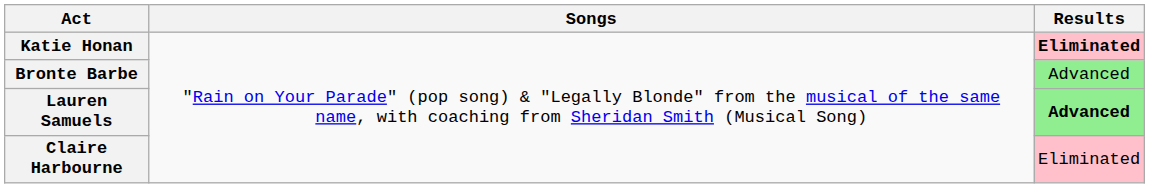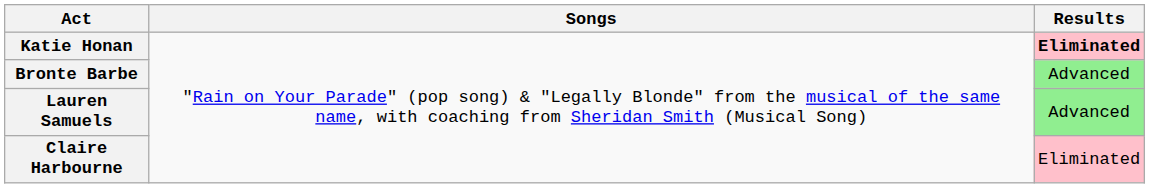 <table class="wikitable plainrowheaders" style="text-align:center;">
 <tr>
 <th scope="col">Act</th>
 <th scope="col">Songs</th>
 <th scope="col">Results</th>
 </tr>
 <tr>
 <th scope="row">Katie Honan</th>
 <td rowspan="4">"<a href='#'>Rain on Your Parade</a>" (pop song) &   "Legally Blonde" from the <a href='#'>musical of the same name</a>, with coaching from <a href='#'>Sheridan Smith</a> (Musical Song)</td>
 <td style="background:pink;"><strong>Eliminated</strong></td>
 </tr>
 <tr>
 <th scope="row">Bronte Barbe</th>
 <td style="background:lightgreen;">Advanced</td>
 </tr>
 <tr>
 <th scope="row">Lauren Samuels</th>
-<td style="background:lightgreen;"><strong>Advanced</strong></td>
+<td style="background:lightgreen;">Advanced</td>
 </tr>
 <tr>
 <th scope="row">Claire Harbourne</th>
 <td style="background:pink;">Eliminated</td>
 </tr>
 </table>
